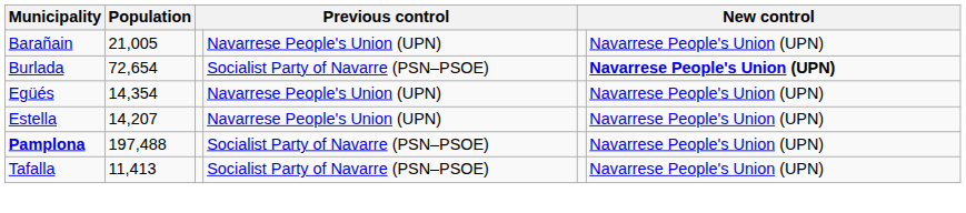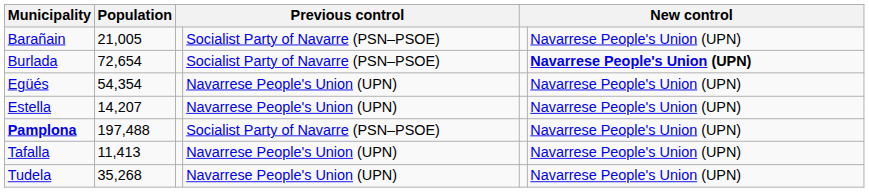 <table class="wikitable sortable">
 <tr>
 <th>Municipality</th>
 <th>Population</th>
 <th colspan="2" style="width:375px;">Previous control</th>
 <th colspan="2" style="width:375px;">New control</th>
 </tr>
 <tr>
 <td><a href='#'>Barañain</a></td>
 <td>21,005</td>
 <td width="1" style="color:inherit;background:"></td>
-<td><a href='#'>Navarrese People's Union</a> (UPN)</td>
+<td><a href='#'>Socialist Party of Navarre</a> (PSN–PSOE)</td>
 <td width="1" style="color:inherit;background:"></td>
 <td><a href='#'>Navarrese People's Union</a> (UPN)</td>
 </tr>
 <tr>
 <td><a href='#'>Burlada</a></td>
 <td>72,654</td>
 <td style="color:inherit;background:"></td>
 <td><a href='#'>Socialist Party of Navarre</a> (PSN–PSOE)</td>
 <td style="color:inherit;background:"></td>
 <td><strong><a href='#'>Navarrese People's Union</a> (UPN)</strong></td>
 </tr>
 <tr>
 <td><a href='#'>Egüés</a></td>
-<td>14,354</td>
+<td>54,354</td>
 <td style="color:inherit;background:"></td>
 <td><a href='#'>Navarrese People's Union</a> (UPN)</td>
 <td style="color:inherit;background:"></td>
 <td><a href='#'>Navarrese People's Union</a> (UPN) </td>
 </tr>
 <tr>
 <td><a href='#'>Estella</a></td>
 <td>14,207</td>
 <td style="color:inherit;background:"></td>
 <td><a href='#'>Navarrese People's Union</a> (UPN)</td>
 <td style="color:inherit;background:"></td>
 <td><a href='#'>Navarrese People's Union</a> (UPN)</td>
 </tr>
 <tr>
 <td><strong><a href='#'>Pamplona</a></strong></td>
 <td>197,488</td>
 <td style="color:inherit;background:"></td>
 <td><a href='#'>Socialist Party of Navarre</a> (PSN–PSOE)</td>
 <td style="color:inherit;background:"></td>
 <td><a href='#'>Navarrese People's Union</a> (UPN)</td>
 </tr>
 <tr>
 <td><a href='#'>Tafalla</a></td>
 <td>11,413</td>
 <td style="color:inherit;background:"></td>
-<td><a href='#'>Socialist Party of Navarre</a> (PSN–PSOE)</td>
+<td><a href='#'>Navarrese People's Union</a> (UPN)</td>
+<td style="color:inherit;background:"></td>
+<td><a href='#'>Navarrese People's Union</a> (UPN)</td>
+</tr>
+<tr>
+<td><a href='#'>Tudela</a></td>
+<td>35,268</td>
+<td style="color:inherit;background:"></td>
+<td><a href='#'>Navarrese People's Union</a> (UPN)</td>
 <td style="color:inherit;background:"></td>
 <td><a href='#'>Navarrese People's Union</a> (UPN)</td>
 </tr>
 </table>
